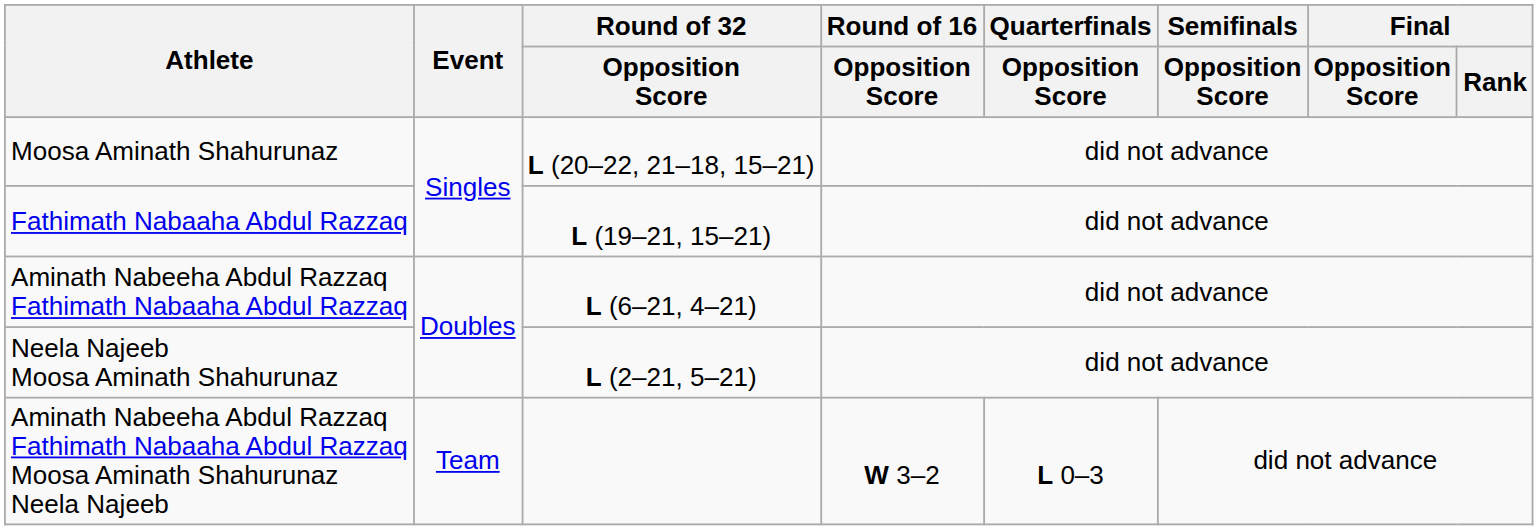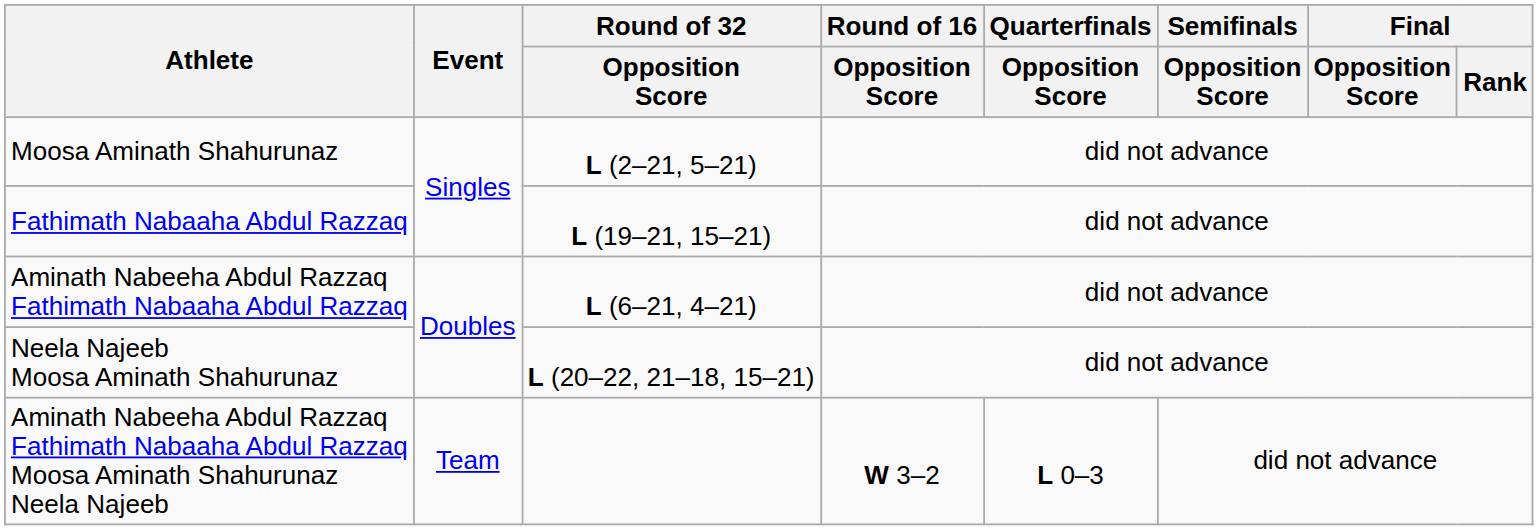 <table class=wikitable style=font-size:90%;text-align:center>
 <tr>
 <th rowspan="2">Athlete</th>
 <th rowspan="2">Event</th>
 <th>Round of 32</th>
 <th>Round of 16</th>
 <th>Quarterfinals</th>
 <th>Semifinals</th>
 <th colspan="2">Final</th>
 </tr>
 <tr>
 <th>Opposition<br>Score</th>
 <th>Opposition<br>Score</th>
 <th>Opposition<br>Score</th>
 <th>Opposition<br>Score</th>
 <th>Opposition<br>Score</th>
 <th>Rank</th>
 </tr>
 <tr>
 <td align=left>Moosa Aminath Shahurunaz</td>
 <td align=center rowspan=2><a href='#'>Singles</a></td>
-<td><br><strong>L</strong> (20–22, 21–18, 15–21)</td>
+<td><br><strong>L</strong> (2–21, 5–21)</td>
 <td colspan=5>did not advance</td>
 </tr>
 <tr>
 <td align=left><a href='#'>Fathimath Nabaaha Abdul Razzaq</a></td>
 <td><br><strong>L</strong> (19–21, 15–21)</td>
 <td colspan=5>did not advance</td>
 </tr>
 <tr>
 <td align=left>Aminath Nabeeha Abdul Razzaq <br> <a href='#'>Fathimath Nabaaha Abdul Razzaq</a></td>
 <td align=center rowspan=2><a href='#'>Doubles</a></td>
 <td><br><strong>L</strong> (6–21, 4–21)</td>
 <td colspan=5>did not advance</td>
 </tr>
 <tr>
 <td align=left>Neela Najeeb <br> Moosa Aminath Shahurunaz</td>
-<td><br><strong>L</strong> (2–21, 5–21)</td>
+<td><br><strong>L</strong> (20–22, 21–18, 15–21)</td>
 <td colspan=5>did not advance</td>
 </tr>
 <tr>
 <td align=left>Aminath Nabeeha Abdul Razzaq<br><a href='#'>Fathimath Nabaaha Abdul Razzaq</a><br>Moosa Aminath Shahurunaz<br>Neela Najeeb</td>
 <td align=center><a href='#'>Team</a></td>
 <td></td>
 <td><br><strong>W</strong> 3–2</td>
 <td><br><strong>L</strong> 0–3</td>
 <td colspan=3>did not advance</td>
 </tr>
 </table>
